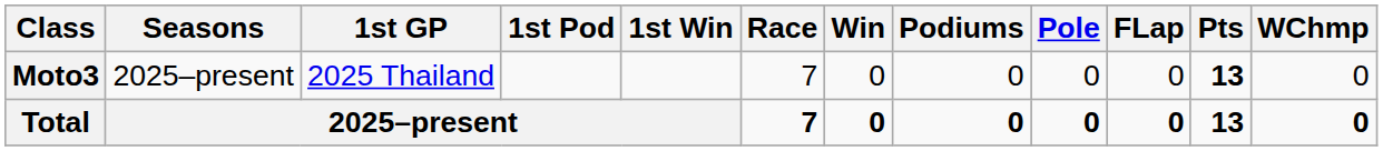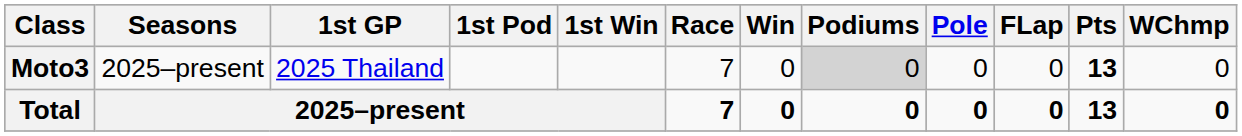 <table class="wikitable" style="text-align:right;">
 <tr>
 <th>Class</th>
 <th>Seasons</th>
 <th>1st GP</th>
 <th>1st Pod</th>
 <th>1st Win</th>
 <th>Race</th>
 <th>Win</th>
 <th>Podiums</th>
 <th><a href='#'>Pole</a></th>
 <th>FLap</th>
 <th>Pts</th>
 <th>WChmp</th>
 </tr>
 <tr>
 <th>Moto3</th>
 <td>2025–present</td>
 <td style="text-align:left;"><a href='#'>2025 Thailand</a></td>
 <td style="text-align:left;"></td>
 <td style="text-align:left;"></td>
 <td>7</td>
 <td>0</td>
-<td>0</td>
+<td style="background: lightgrey;">0</td>
 <td>0</td>
 <td>0</td>
 <td><strong>13</strong></td>
 <td>0</td>
 </tr>
 <tr>
 <th>Total</th>
 <th colspan="4">2025–present</th>
 <td><strong>7</strong></td>
 <td><strong>0</strong></td>
 <td><strong>0</strong></td>
 <td><strong>0</strong></td>
 <td><strong>0</strong></td>
 <td><strong>13</strong></td>
 <td><strong>0</strong></td>
 </tr>
 </table>
